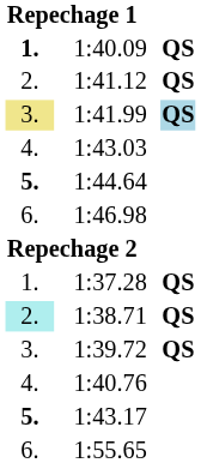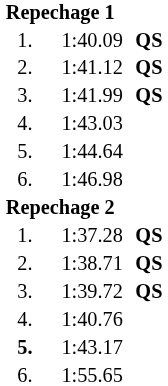 <table style="text-align:center">
 <tr>
 <td colspan=4 align=left><strong>Repechage 1</strong></td>
 </tr>
 <tr>
-<td width=30><strong>1.</strong></td>
+<td width=30>1.</td>
 <td align=left></td>
 <td width=60>1:40.09</td>
 <td><strong>QS</strong></td>
 </tr>
 <tr>
 <td>2.</td>
 <td align=left></td>
 <td>1:41.12</td>
 <td><strong>QS</strong></td>
 </tr>
 <tr>
-<td style="background: khaki;">3.</td>
+<td>3.</td>
 <td align=left></td>
 <td>1:41.99</td>
-<td style="background: lightblue;"><strong>QS</strong></td>
+<td><strong>QS</strong></td>
 </tr>
 <tr>
 <td>4.</td>
 <td align=left></td>
 <td>1:43.03</td>
 <td></td>
 </tr>
 <tr>
-<td><strong>5.</strong></td>
+<td>5.</td>
 <td align=left></td>
 <td>1:44.64</td>
 <td></td>
 </tr>
 <tr>
 <td>6.</td>
 <td align=left></td>
 <td>1:46.98</td>
 <td></td>
 </tr>
 <tr>
 <td colspan=4 align=left><strong>Repechage 2</strong></td>
 </tr>
 <tr>
 <td>1.</td>
 <td align=left></td>
 <td>1:37.28</td>
 <td><strong>QS</strong></td>
 </tr>
 <tr>
-<td style="background: paleturquoise;">2.</td>
+<td>2.</td>
 <td align=left></td>
 <td>1:38.71</td>
 <td><strong>QS</strong></td>
 </tr>
 <tr>
 <td>3.</td>
 <td align=left></td>
 <td>1:39.72</td>
 <td><strong>QS</strong></td>
 </tr>
 <tr>
 <td>4.</td>
 <td align=left></td>
 <td>1:40.76</td>
 <td></td>
 </tr>
 <tr>
 <td><strong>5.</strong></td>
 <td align=left></td>
 <td>1:43.17</td>
 <td></td>
 </tr>
 <tr>
 <td>6.</td>
 <td align=left></td>
 <td>1:55.65</td>
 <td></td>
 </tr>
 </table>
